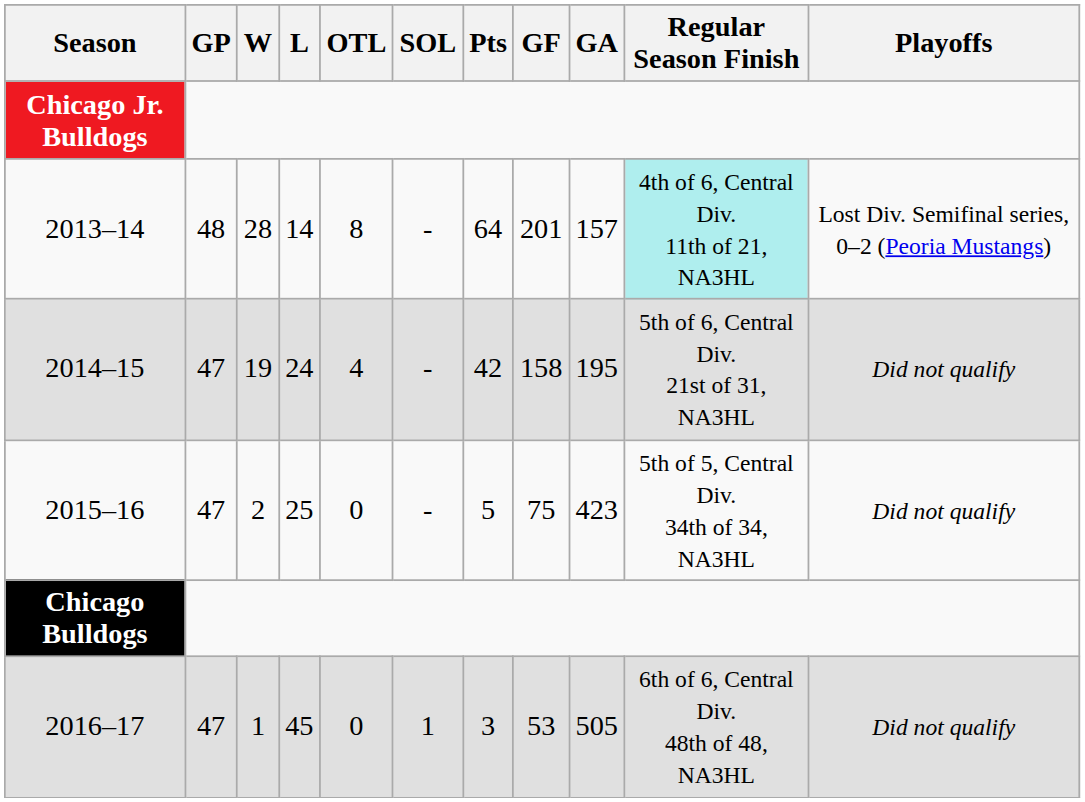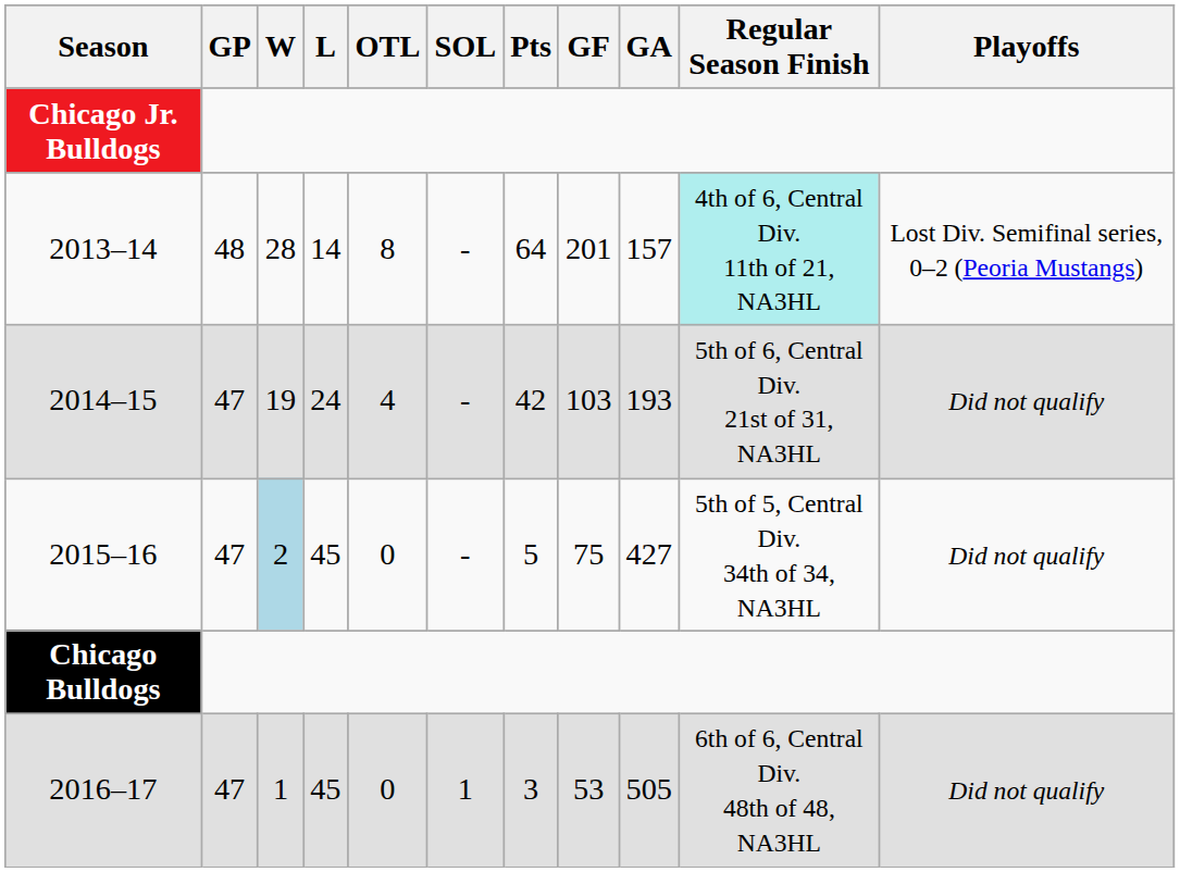 <table class="wikitable" style="text-align:center">
 <tr>
 <th>Season</th>
 <th>GP</th>
 <th>W</th>
 <th>L</th>
 <th>OTL</th>
 <th>SOL</th>
 <th>Pts</th>
 <th>GF</th>
 <th>GA</th>
 <th>Regular Season Finish</th>
 <th>Playoffs</th>
 </tr>
 <tr align="center">
 <td style="color:white; background:#ef1921; "><strong>Chicago Jr. Bulldogs</strong></td>
 </tr>
 <tr>
 <td>2013–14</td>
 <td>48</td>
 <td>28</td>
 <td>14</td>
 <td>8</td>
 <td>-</td>
 <td>64</td>
 <td>201</td>
 <td>157</td>
 <td style="background: paleturquoise;"><small>4th of 6, Central Div.<br>11th of 21, NA3HL</small></td>
 <td><small>Lost Div. Semifinal series, 0–2 (<a href='#'>Peoria Mustangs</a>)</small></td>
 </tr>
 <tr bgcolor=e0e0e0>
 <td>2014–15</td>
 <td>47</td>
 <td>19</td>
 <td>24</td>
 <td>4</td>
 <td>-</td>
 <td>42</td>
-<td>158</td>
-<td>195</td>
+<td>103</td>
+<td>193</td>
 <td><small>5th of 6, Central Div.<br>21st of 31, NA3HL</small></td>
 <td><small><em>Did not qualify</em></small></td>
 </tr>
 <tr>
 <td>2015–16</td>
 <td>47</td>
-<td>2</td>
-<td>25</td>
+<td style="background: lightblue;">2</td>
+<td>45</td>
 <td>0</td>
 <td>-</td>
 <td>5</td>
 <td>75</td>
-<td>423</td>
+<td>427</td>
 <td><small>5th of 5, Central Div.<br>34th of 34, NA3HL</small></td>
 <td><small><em>Did not qualify</em></small></td>
 </tr>
 <tr align="center">
 <td style="color:white; background:#000000; "><strong>Chicago Bulldogs</strong></td>
 </tr>
 <tr bgcolor=e0e0e0>
 <td>2016–17</td>
 <td>47</td>
 <td>1</td>
 <td>45</td>
 <td>0</td>
 <td>1</td>
 <td>3</td>
 <td>53</td>
 <td>505</td>
 <td><small>6th of 6, Central Div.<br>48th of 48, NA3HL</small></td>
 <td><small><em>Did not qualify</em></small></td>
 </tr>
 </table>
